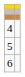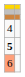 <table class="wikitable">
 <tr style="background:gold;">
 <td align=center></td>
 <td></td>
 </tr>
 <tr style="background:silver;">
 <td align=center></td>
 <td></td>
 </tr>
 <tr style="background:peru;">
 <td align=center></td>
 <td></td>
 </tr>
 <tr>
 <td align=center>4</td>
 <td></td>
 </tr>
 <tr>
-<td align=center>5</td>
+<td align=center><strong>5</strong></td>
 <td></td>
 </tr>
 <tr>
-<td align=center>6</td>
+<td align=center style="background: lightsalmon;">6</td>
 <td></td>
 </tr>
 </table>
